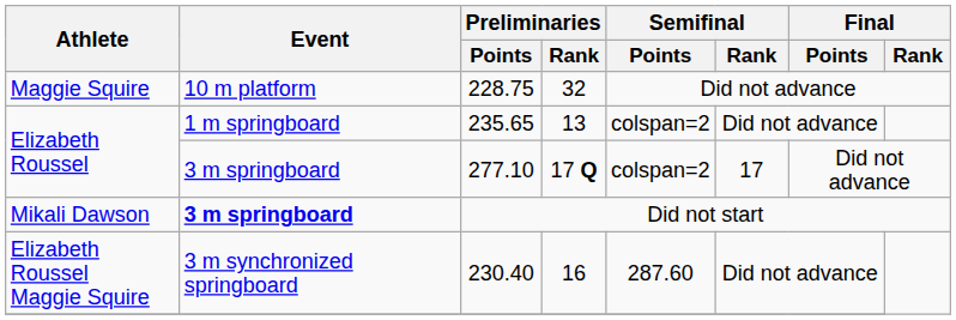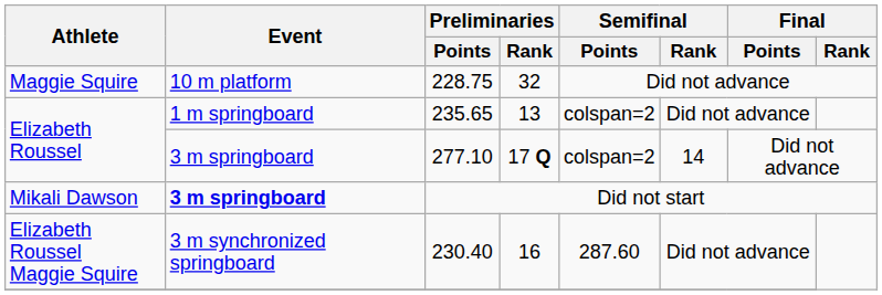 <table class="wikitable" style="text-align:center; font-size:90%; width:50%;">
 <tr>
 <th rowspan=2>Athlete</th>
 <th rowspan=2>Event</th>
 <th colspan=2>Preliminaries</th>
 <th colspan=2>Semifinal</th>
 <th colspan=2>Final</th>
 </tr>
 <tr style="font-size:95%">
 <th>Points</th>
 <th>Rank</th>
 <th>Points</th>
 <th>Rank</th>
 <th>Points</th>
 <th>Rank</th>
 </tr>
 <tr>
 <td align=left><a href='#'>Maggie Squire</a></td>
 <td align=left><a href='#'>10 m platform</a></td>
 <td>228.75</td>
 <td>32</td>
 <td colspan=4>Did not advance</td>
 </tr>
 <tr>
 <td align=left rowspan=2><a href='#'>Elizabeth Roussel</a></td>
 <td align=left><a href='#'>1 m springboard</a></td>
 <td>235.65</td>
 <td>13</td>
 <td>colspan=2 </td>
 <td colspan=2>Did not advance</td>
 </tr>
 <tr>
 <td align=left><a href='#'>3 m springboard</a></td>
 <td>277.10</td>
 <td>17 <strong>Q</strong></td>
 <td>colspan=2 </td>
-<td>17</td>
+<td>14</td>
 <td colspan=2>Did not advance</td>
 </tr>
 <tr>
 <td align=left><a href='#'>Mikali Dawson</a></td>
 <td align=left><strong><a href='#'>3 m springboard</a></strong></td>
 <td colspan=6>Did not start</td>
 </tr>
 <tr>
 <td align=left><a href='#'>Elizabeth Roussel</a><br> <a href='#'>Maggie Squire</a></td>
 <td align=left><a href='#'>3 m synchronized springboard</a></td>
 <td>230.40</td>
 <td>16</td>
 <td>287.60</td>
 <td colspan=2>Did not advance</td>
 </tr>
 <tr>
 </tr>
 </table>
